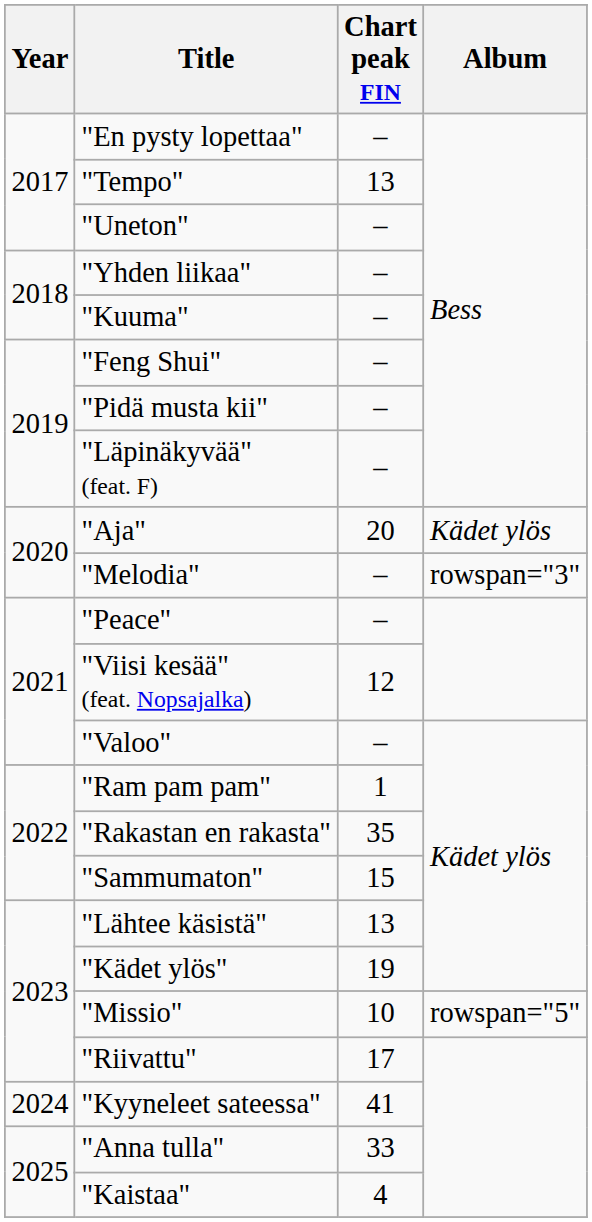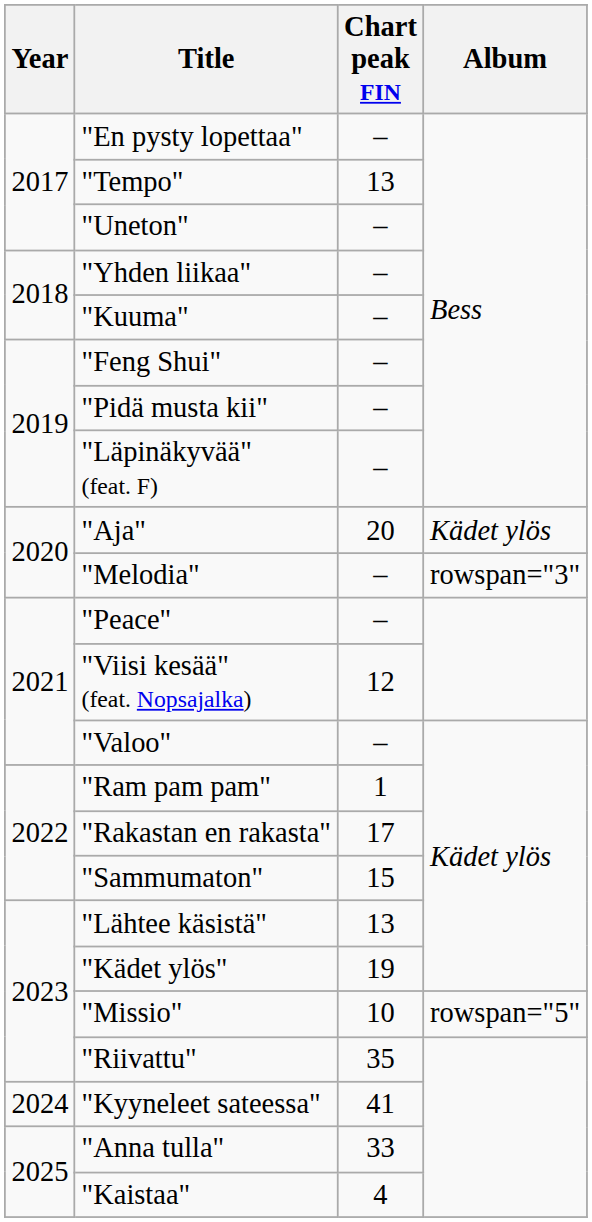 <table class="wikitable">
 <tr>
 <th>Year</th>
 <th>Title</th>
 <th>Chart <br>peak<br><small><a href='#'>FIN</a><br></small></th>
 <th>Album</th>
 </tr>
 <tr>
 <td rowspan="3">2017</td>
 <td>"En pysty lopettaa"</td>
 <td style="text-align:center;">–</td>
 <td rowspan="8"><em>Bess</em></td>
 </tr>
 <tr>
 <td>"Tempo"</td>
 <td style="text-align:center;">13</td>
 </tr>
 <tr>
 <td>"Uneton"</td>
 <td style="text-align:center;">–</td>
 </tr>
 <tr>
 <td rowspan="2">2018</td>
 <td>"Yhden liikaa"</td>
 <td style="text-align:center;">–</td>
 </tr>
 <tr>
 <td>"Kuuma"</td>
 <td style="text-align:center;">–</td>
 </tr>
 <tr>
 <td rowspan="3">2019</td>
 <td>"Feng Shui"</td>
 <td style="text-align:center;">–</td>
 </tr>
 <tr>
 <td>"Pidä musta kii"</td>
 <td style="text-align:center;">–</td>
 </tr>
 <tr>
 <td>"Läpinäkyvää"<br><small>(feat. F)</small></td>
 <td style="text-align:center;">–</td>
 </tr>
 <tr>
 <td rowspan="2">2020</td>
 <td>"Aja"</td>
 <td style="text-align:center;">20</td>
 <td><em>Kädet ylös</em></td>
 </tr>
 <tr>
 <td>"Melodia"</td>
 <td style="text-align:center;">–</td>
 <td>rowspan="3" </td>
 </tr>
 <tr>
 <td rowspan="3">2021</td>
 <td>"Peace"</td>
 <td style="text-align:center;">–</td>
 </tr>
 <tr>
 <td>"Viisi kesää"<br><small>(feat. <a href='#'>Nopsajalka</a>)</small></td>
 <td style="text-align:center;">12</td>
 </tr>
 <tr>
 <td>"Valoo"</td>
 <td style="text-align:center;">–</td>
 <td rowspan="6"><em>Kädet ylös</em></td>
 </tr>
 <tr>
 <td rowspan="3">2022</td>
 <td>"Ram pam pam"</td>
 <td style="text-align:center;">1</td>
 </tr>
 <tr>
 <td>"Rakastan en rakasta"</td>
-<td style="text-align:center;">35<br></td>
+<td style="text-align:center;">17</td>
 </tr>
 <tr>
 <td>"Sammumaton"</td>
 <td style="text-align:center;">15</td>
 </tr>
 <tr>
 <td rowspan="4">2023</td>
 <td>"Lähtee käsistä"</td>
 <td style="text-align:center;">13</td>
 </tr>
 <tr>
 <td>"Kädet ylös"</td>
 <td style="text-align:center;">19<br></td>
 </tr>
 <tr>
 <td>"Missio"</td>
 <td style="text-align:center;">10<br></td>
 <td>rowspan="5" </td>
 </tr>
 <tr>
 <td>"Riivattu"</td>
-<td style="text-align:center;">17</td>
+<td style="text-align:center;">35<br></td>
 </tr>
 <tr>
 <td>2024</td>
 <td>"Kyyneleet sateessa"</td>
 <td style="text-align:center;">41<br></td>
 </tr>
 <tr>
 <td rowspan="2">2025</td>
 <td>"Anna tulla"</td>
 <td style="text-align:center;">33<br></td>
 </tr>
 <tr>
 <td>"Kaistaa"<br></td>
 <td style="text-align:center;">4<br></td>
 </tr>
 </table>
